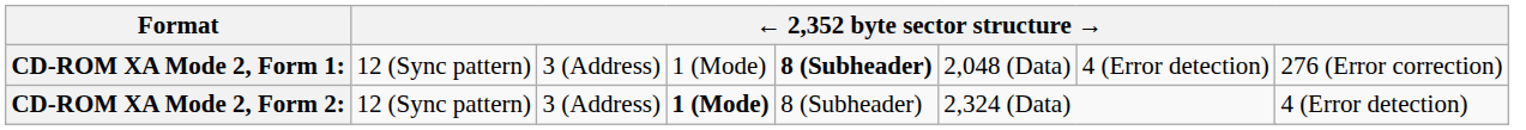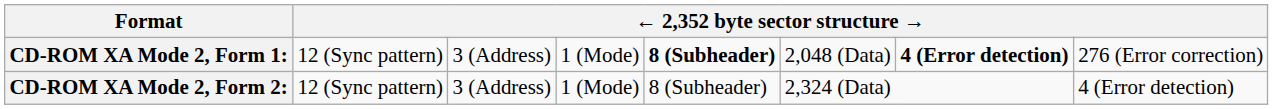 <table class="wikitable">
 <tr>
 <th>Format</th>
 <th colspan=8>← 2,352 byte sector structure →</th>
 </tr>
 <tr>
 <th>CD-ROM XA Mode 2, Form 1:</th>
 <td>12 (Sync pattern)</td>
 <td>3 (Address)</td>
 <td>1 (Mode)</td>
 <td><strong>8 (Subheader)</strong></td>
 <td>2,048 (Data)</td>
-<td>4 (Error detection)</td>
+<td><strong>4 (Error detection)</strong></td>
 <td colspan=2>276 (Error correction)</td>
 </tr>
 <tr>
 <th>CD-ROM XA Mode 2, Form 2:</th>
 <td>12 (Sync pattern)</td>
 <td>3 (Address)</td>
-<td><strong>1 (Mode)</strong></td>
+<td>1 (Mode)</td>
 <td>8 (Subheader)</td>
 <td colspan=3>2,324 (Data)</td>
 <td>4 (Error detection)</td>
 </tr>
 </table>
